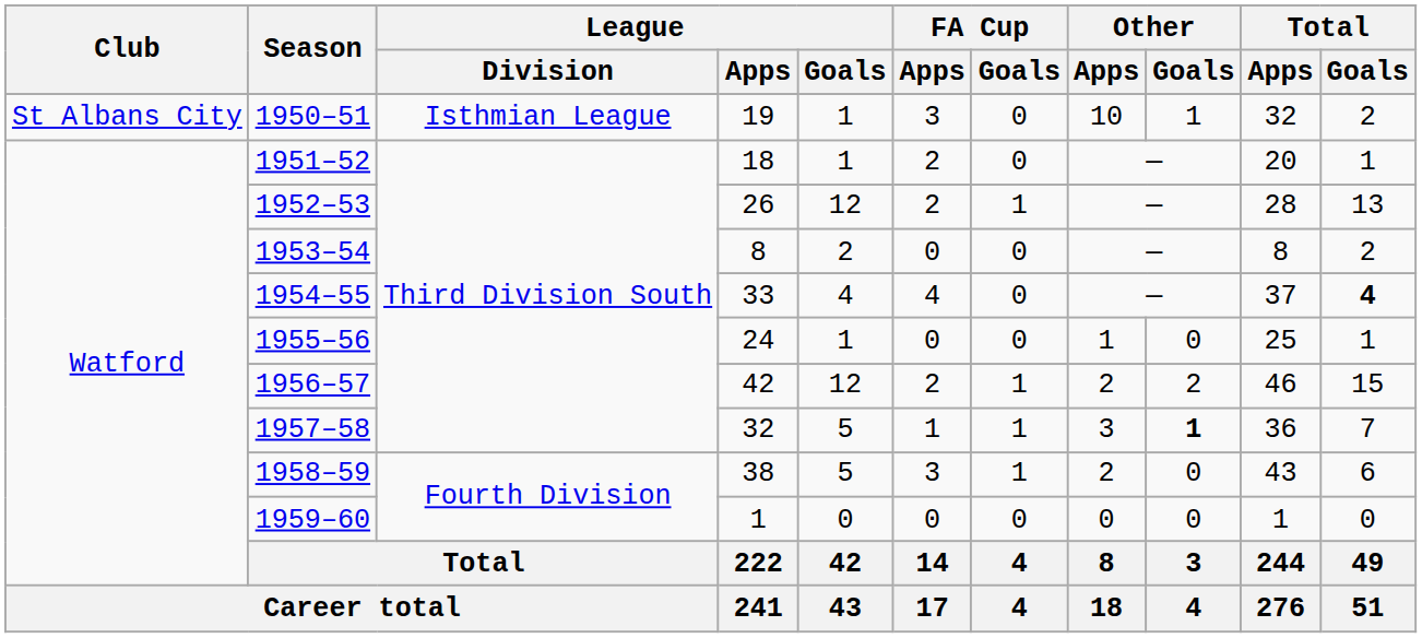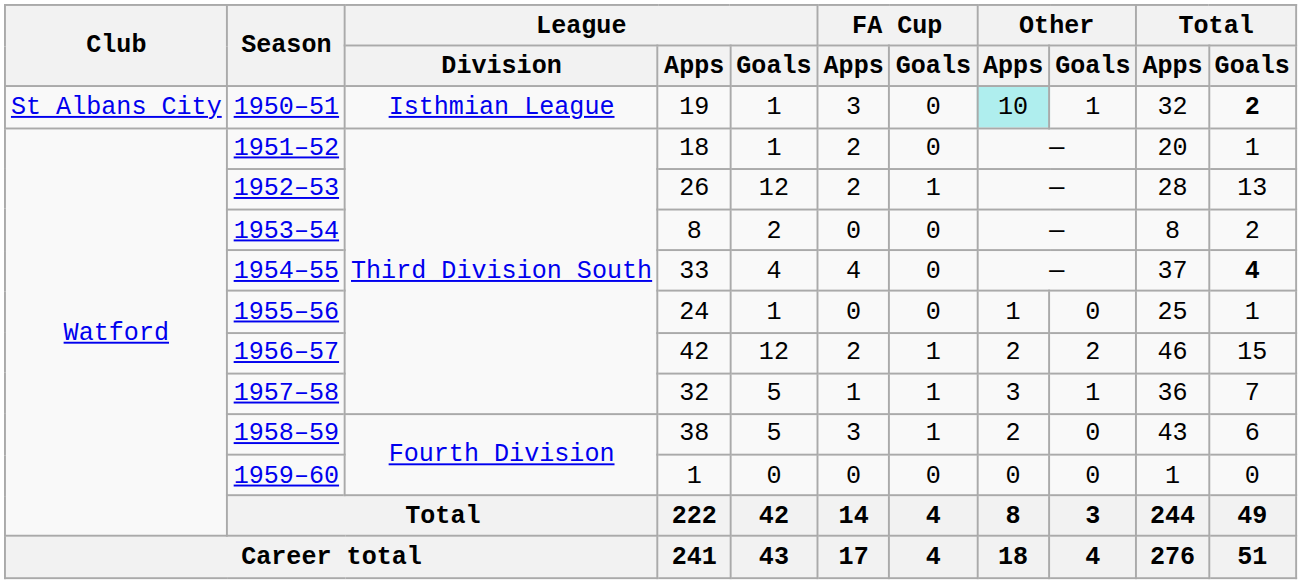 <table class="wikitable" style="text-align: center">
 <tr>
 <th rowspan="2">Club</th>
 <th rowspan="2">Season</th>
 <th colspan="3">League</th>
 <th colspan="2">FA Cup</th>
 <th colspan="2">Other</th>
 <th colspan="2">Total</th>
 </tr>
 <tr>
 <th>Division</th>
 <th>Apps</th>
 <th>Goals</th>
 <th>Apps</th>
 <th>Goals</th>
 <th>Apps</th>
 <th>Goals</th>
 <th>Apps</th>
 <th>Goals</th>
 </tr>
 <tr>
 <td><a href='#'>St Albans City</a></td>
 <td><a href='#'>1950–51</a></td>
 <td><a href='#'>Isthmian League</a></td>
 <td>19</td>
 <td>1</td>
 <td>3</td>
 <td>0</td>
-<td>10</td>
+<td style="background: paleturquoise;">10</td>
 <td>1</td>
 <td>32</td>
-<td>2</td>
+<td><strong>2</strong></td>
 </tr>
 <tr>
 <td rowspan="10"><a href='#'>Watford</a></td>
 <td><a href='#'>1951–52</a></td>
 <td rowspan="7"><a href='#'>Third Division South</a></td>
 <td>18</td>
 <td>1</td>
 <td>2</td>
 <td>0</td>
 <td colspan="2">—</td>
 <td>20</td>
 <td>1</td>
 </tr>
 <tr>
 <td><a href='#'>1952–53</a></td>
 <td>26</td>
 <td>12</td>
 <td>2</td>
 <td>1</td>
 <td colspan="2">—</td>
 <td>28</td>
 <td>13</td>
 </tr>
 <tr>
 <td><a href='#'>1953–54</a></td>
 <td>8</td>
 <td>2</td>
 <td>0</td>
 <td>0</td>
 <td colspan="2">—</td>
 <td>8</td>
 <td>2</td>
 </tr>
 <tr>
 <td><a href='#'>1954–55</a></td>
 <td>33</td>
 <td>4</td>
 <td>4</td>
 <td>0</td>
 <td colspan="2">—</td>
 <td>37</td>
 <td><strong>4</strong></td>
 </tr>
 <tr>
 <td><a href='#'>1955–56</a></td>
 <td>24</td>
 <td>1</td>
 <td>0</td>
 <td>0</td>
 <td>1</td>
 <td>0</td>
 <td>25</td>
 <td>1</td>
 </tr>
 <tr>
 <td><a href='#'>1956–57</a></td>
 <td>42</td>
 <td>12</td>
 <td>2</td>
 <td>1</td>
 <td>2</td>
 <td>2</td>
 <td>46</td>
 <td>15</td>
 </tr>
 <tr>
 <td><a href='#'>1957–58</a></td>
 <td>32</td>
 <td>5</td>
 <td>1</td>
 <td>1</td>
 <td>3</td>
-<td><strong>1</strong></td>
+<td>1</td>
 <td>36</td>
 <td>7</td>
 </tr>
 <tr>
 <td><a href='#'>1958–59</a></td>
 <td rowspan="2"><a href='#'>Fourth Division</a></td>
 <td>38</td>
 <td>5</td>
 <td>3</td>
 <td>1</td>
 <td>2</td>
 <td>0</td>
 <td>43</td>
 <td>6</td>
 </tr>
 <tr>
 <td><a href='#'>1959–60</a></td>
 <td>1</td>
 <td>0</td>
 <td>0</td>
 <td>0</td>
 <td>0</td>
 <td>0</td>
 <td>1</td>
 <td>0</td>
 </tr>
 <tr>
 <th colspan="2">Total</th>
 <th>222</th>
 <th>42</th>
 <th>14</th>
 <th>4</th>
 <th>8</th>
 <th>3</th>
 <th>244</th>
 <th>49</th>
 </tr>
 <tr>
 <th colspan="3">Career total</th>
 <th>241</th>
 <th>43</th>
 <th>17</th>
 <th>4</th>
 <th>18</th>
 <th>4</th>
 <th>276</th>
 <th>51</th>
 </tr>
 </table>
